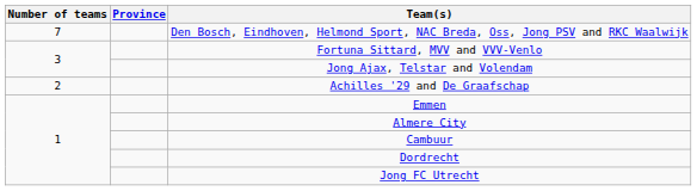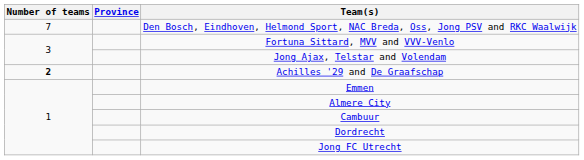 <table class="wikitable" style="text-align:center">
 <tr>
 <th>Number of teams</th>
 <th><a href='#'>Province</a></th>
 <th>Team(s)</th>
 </tr>
 <tr>
 <td>7</td>
 <td align="left"></td>
 <td><a href='#'>Den Bosch</a>, <a href='#'>Eindhoven</a>, <a href='#'>Helmond Sport</a>, <a href='#'>NAC Breda</a>, <a href='#'>Oss</a>, <a href='#'>Jong PSV</a> and <a href='#'>RKC Waalwijk</a></td>
 </tr>
 <tr>
 <td rowspan="2">3</td>
 <td align="left"></td>
 <td><a href='#'>Fortuna Sittard</a>, <a href='#'>MVV</a> and <a href='#'>VVV-Venlo</a></td>
 </tr>
 <tr>
 <td align="left"></td>
 <td><a href='#'>Jong Ajax</a>, <a href='#'>Telstar</a> and <a href='#'>Volendam</a></td>
 </tr>
 <tr>
-<td>2</td>
+<td><strong>2</strong></td>
 <td align="left"></td>
 <td><a href='#'>Achilles '29</a> and <a href='#'>De Graafschap</a></td>
 </tr>
 <tr>
 <td rowspan="5">1</td>
 <td align="left"></td>
 <td><a href='#'>Emmen</a></td>
 </tr>
 <tr>
 <td align="left"></td>
 <td><a href='#'>Almere City</a></td>
 </tr>
 <tr>
 <td align="left"></td>
 <td><a href='#'>Cambuur</a></td>
 </tr>
 <tr>
 <td align="left"></td>
 <td><a href='#'>Dordrecht</a></td>
 </tr>
 <tr>
 <td align="left"></td>
 <td><a href='#'>Jong FC Utrecht</a></td>
 </tr>
 </table>
